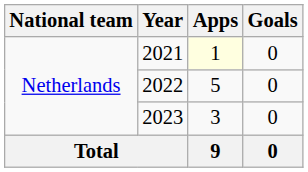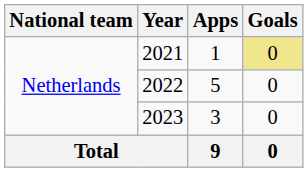 <table class="wikitable" style="text-align: center;">
 <tr>
 <th>National team</th>
 <th>Year</th>
 <th>Apps</th>
 <th>Goals</th>
 </tr>
 <tr>
 <td rowspan="3"><a href='#'>Netherlands</a></td>
 <td>2021</td>
-<td style="background: lightyellow;">1</td>
-<td>0</td>
+<td>1</td>
+<td style="background: khaki;">0</td>
 </tr>
 <tr>
 <td>2022</td>
 <td>5</td>
 <td>0</td>
 </tr>
 <tr>
 <td>2023</td>
 <td>3</td>
 <td>0</td>
 </tr>
 <tr>
 <th colspan="2">Total</th>
 <th>9</th>
 <th>0</th>
 </tr>
 </table>
